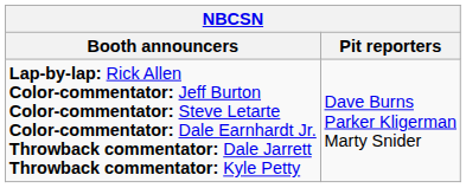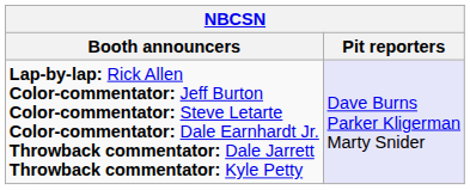 <table class="wikitable" style="font-size: 95%">
 <tr>
 <th colspan="2"><a href='#'>NBCSN</a></th>
 </tr>
 <tr>
 <th>Booth announcers</th>
 <th>Pit reporters</th>
 </tr>
 <tr>
 <td><strong>Lap-by-lap:</strong> <a href='#'>Rick Allen</a><br><strong>Color-commentator:</strong> <a href='#'>Jeff Burton</a><br><strong>Color-commentator:</strong> <a href='#'>Steve Letarte</a><br><strong>Color-commentator:</strong> <a href='#'>Dale Earnhardt Jr.</a><br> <strong>Throwback commentator:</strong> <a href='#'>Dale Jarrett</a><br><strong>Throwback commentator:</strong> <a href='#'>Kyle Petty</a></td>
-<td><a href='#'>Dave Burns</a><br><a href='#'>Parker Kligerman</a><br>Marty Snider</td>
+<td style="background: lavender;"><a href='#'>Dave Burns</a><br><a href='#'>Parker Kligerman</a><br>Marty Snider</td>
 </tr>
 </table>
